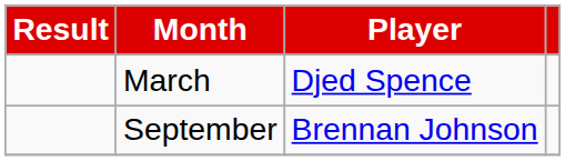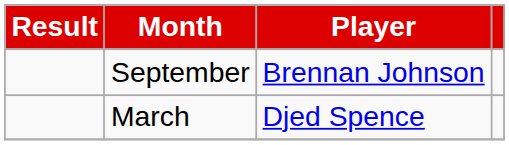 <table class="wikitable" style="text-align:left">
 <tr>
 <th style="background:#DD0000; color:#FFFFFF;">Result</th>
 <th style="background:#DD0000; color:#FFFFFF;">Month</th>
 <th style="background:#DD0000;color:#FFFFFF;">Player</th>
 <th style="background:#DD0000; color:#FFFFFF;"></th>
 </tr>
 <tr>
 </tr>
 <tr>
 <td></td>
+<td>September</td>
+<td> <a href='#'>Brennan Johnson</a></td>
+<td></td>
+</tr>
+<tr>
+<td></td>
 <td>March</td>
 <td> <a href='#'>Djed Spence</a></td>
 <td></td>
 </tr>
 <tr>
-<td></td>
-<td>September</td>
-<td> <a href='#'>Brennan Johnson</a></td>
-<td></td>
-</tr>
-<tr>
 </tr>
 </table>
